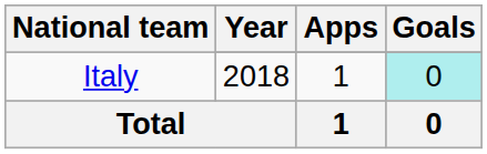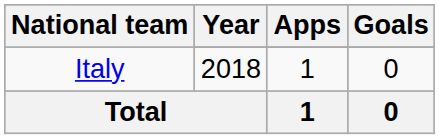 <table class="wikitable" style="text-align:center">
 <tr>
 <th>National team</th>
 <th>Year</th>
 <th>Apps</th>
 <th>Goals</th>
 </tr>
 <tr>
 <td rowspan="2"><a href='#'>Italy</a></td>
 </tr>
 <tr>
 <td>2018</td>
 <td>1</td>
-<td style="background: paleturquoise;">0</td>
+<td>0</td>
 </tr>
 <tr>
 <th colspan="2">Total</th>
 <th>1</th>
 <th>0</th>
 </tr>
 </table>
